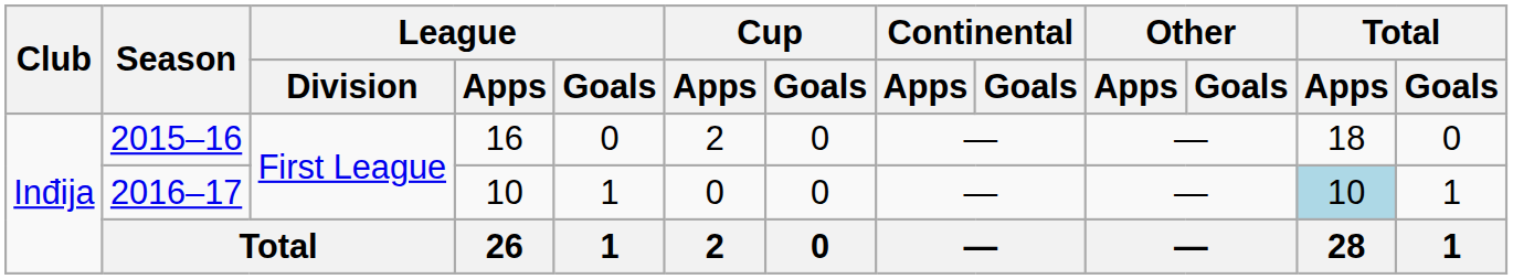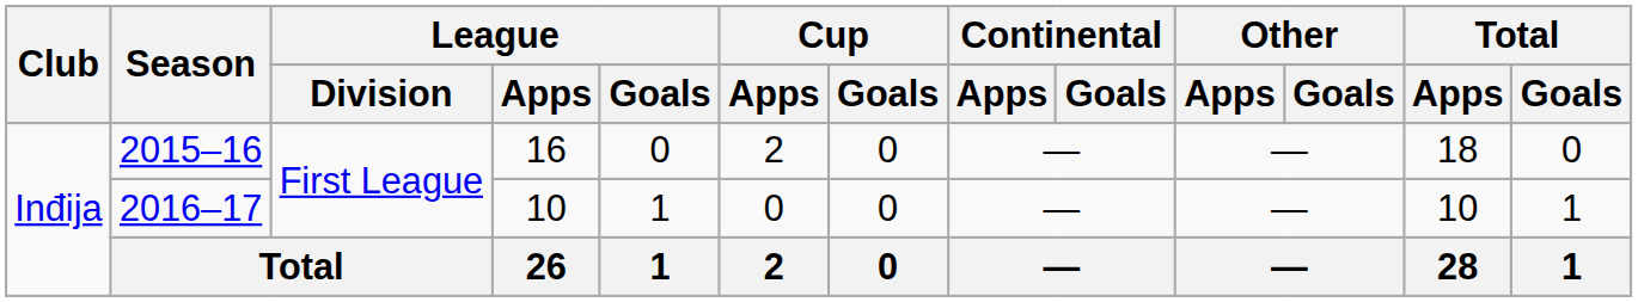 <table class="wikitable" style="text-align: center;font-size:90%">
 <tr>
 <th rowspan="2">Club</th>
 <th rowspan="2">Season</th>
 <th colspan="3">League</th>
 <th colspan="2">Cup</th>
 <th colspan="2">Continental</th>
 <th colspan="2">Other</th>
 <th colspan="2">Total</th>
 </tr>
 <tr>
 <th>Division</th>
 <th>Apps</th>
 <th>Goals</th>
 <th>Apps</th>
 <th>Goals</th>
 <th>Apps</th>
 <th>Goals</th>
 <th>Apps</th>
 <th>Goals</th>
 <th>Apps</th>
 <th>Goals</th>
 </tr>
 <tr>
 <td rowspan="3" valign="center"><a href='#'>Inđija</a></td>
 <td><a href='#'>2015–16</a></td>
 <td rowspan=2><a href='#'>First League</a></td>
 <td>16</td>
 <td>0</td>
 <td>2</td>
 <td>0</td>
 <td colspan="2">—</td>
 <td colspan="2">—</td>
 <td>18</td>
 <td>0</td>
 </tr>
 <tr>
 <td><a href='#'>2016–17</a></td>
 <td>10</td>
 <td>1</td>
 <td>0</td>
 <td>0</td>
 <td colspan="2">—</td>
 <td colspan="2">—</td>
-<td style="background: lightblue;">10</td>
+<td>10</td>
 <td>1</td>
 </tr>
 <tr>
 <th colspan="2">Total</th>
 <th>26</th>
 <th>1</th>
 <th>2</th>
 <th>0</th>
 <th colspan="2">—</th>
 <th colspan="2">—</th>
 <th>28</th>
 <th>1</th>
 </tr>
 </table>
